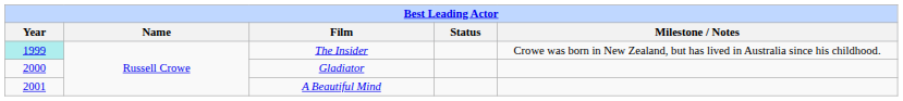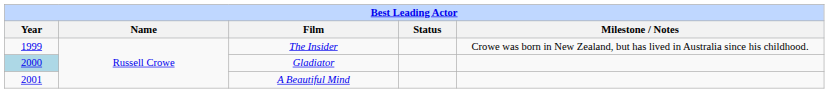 <table class="wikitable" style="text-align: center">
 <tr ---- bgcolor="#bfd7ff">
 <td colspan=5 align=center><strong><a href='#'>Best Leading Actor</a></strong></td>
 </tr>
 <tr ---- bgcolor="#ebf5ff">
 <th width="075">Year</th>
 <th width="250">Name</th>
 <th width="250">Film</th>
 <th width="080">Status</th>
 <th width="550">Milestone / Notes</th>
 </tr>
 <tr>
-<td style="background: paleturquoise;"><a href='#'>1999</a></td>
+<td><a href='#'>1999</a></td>
 <td rowspan="3"><a href='#'>Russell Crowe</a></td>
 <td><em><a href='#'>The Insider</a></em></td>
 <td></td>
 <td>Crowe was born in New Zealand, but has lived in Australia since his childhood.</td>
 </tr>
 <tr>
-<td><a href='#'>2000</a></td>
+<td style="background: lightblue;"><a href='#'>2000</a></td>
 <td><em><a href='#'>Gladiator</a></em></td>
 <td></td>
 <td></td>
 </tr>
 <tr>
 <td><a href='#'>2001</a></td>
 <td><em><a href='#'>A Beautiful Mind</a></em></td>
 <td></td>
 <td></td>
 </tr>
 </table>
